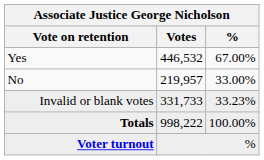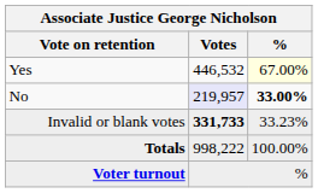 <table class="wikitable" style="font-size: 95%;">
 <tr style="background-color:#E9E9E9">
 <th colspan=7>Associate Justice George Nicholson</th>
 </tr>
 <tr style="background-color:#E9E9E9">
 <th style="width: 170px">Vote on retention</th>
 <th style="width: 50px">Votes</th>
 <th style="width: 40px">%</th>
 </tr>
 <tr>
 <td>Yes</td>
 <td align="right">446,532</td>
-<td align="right">67.00%</td>
+<td align="right" style="background: lightyellow;">67.00%</td>
 </tr>
 <tr>
 <td>No</td>
-<td align="right">219,957</td>
-<td align="right">33.00%</td>
+<td align="right" style="background: lavender;">219,957</td>
+<td align="right"><strong>33.00%</strong></td>
 </tr>
 <tr style="background-color:#EEEEEE">
 <td align="right">Invalid or blank votes</td>
-<td align="right">331,733</td>
+<td align="right"><strong>331,733</strong></td>
 <td align="right">33.23%</td>
 </tr>
 <tr style="background-color:#EEEEEE">
 <td colspan="1" align="right"><strong>Totals</strong></td>
 <td align="right">998,222</td>
 <td align="right">100.00%</td>
 </tr>
 <tr style="background-color:#EEEEEE">
 <td align="right"><strong><a href='#'>Voter turnout</a></strong></td>
 <td colspan="2" align="right">%</td>
 </tr>
 </table>
